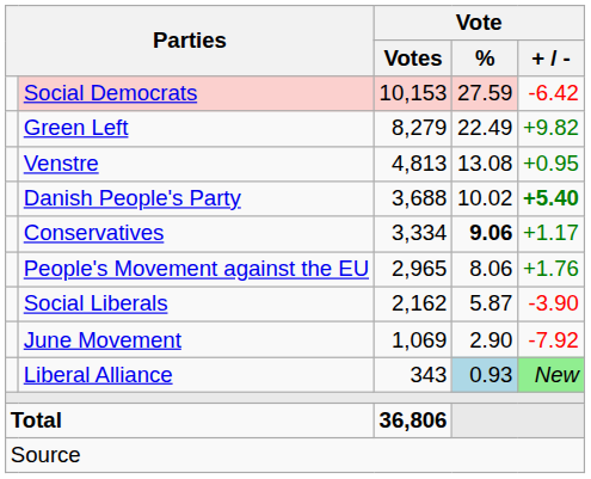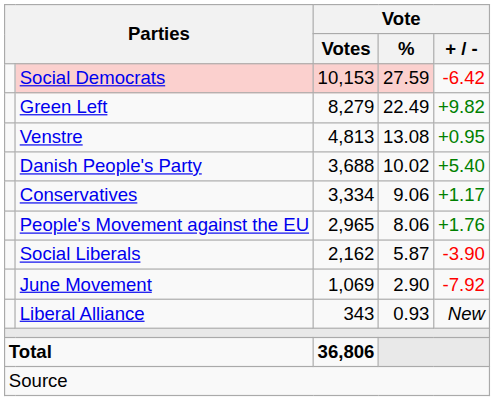 <table class="wikitable" style="text-align:right;">
 <tr>
 <th style="text-align:centre;" rowspan="2" colspan="2" width="225">Parties</th>
 <th colspan="3">Vote</th>
 </tr>
 <tr>
 <th width="15">Votes</th>
 <th width="15">%</th>
 <th width="15">+ / -</th>
 </tr>
 <tr>
 <td width="2" style="color:inherit;background:"></td>
 <td bgcolor=#fbd0ce   align="left"><a href='#'>Social Democrats</a></td>
 <td bgcolor=#fbd0ce>10,153</td>
 <td bgcolor=#fbd0ce>27.59</td>
 <td style=color:red;>-6.42</td>
 </tr>
 <tr>
 <td width="2" style="color:inherit;background:"></td>
 <td align="left"><a href='#'>Green Left</a></td>
 <td>8,279</td>
 <td>22.49</td>
 <td style=color:green;>+9.82</td>
 </tr>
 <tr>
 <td width="2" style="color:inherit;background:"></td>
 <td align="left"><a href='#'>Venstre</a></td>
 <td>4,813</td>
 <td>13.08</td>
 <td style=color:green;>+0.95</td>
 </tr>
 <tr>
 <td width="2" style="color:inherit;background:"></td>
 <td align="left"><a href='#'>Danish People's Party</a></td>
 <td>3,688</td>
 <td>10.02</td>
-<td style=color:green;><strong>+5.40</strong></td>
+<td style=color:green;>+5.40</td>
 </tr>
 <tr>
 <td width="2" style="color:inherit;background:"></td>
 <td align="left"><a href='#'>Conservatives</a></td>
 <td>3,334</td>
-<td><strong>9.06</strong></td>
+<td>9.06</td>
 <td style=color:green;>+1.17</td>
 </tr>
 <tr>
 <td width="2" style="color:inherit;background:"></td>
 <td align="left"><a href='#'>People's Movement against the EU</a></td>
 <td>2,965</td>
 <td>8.06</td>
 <td style=color:green;>+1.76</td>
 </tr>
 <tr>
 <td width="2" style="color:inherit;background:"></td>
 <td align="left"><a href='#'>Social Liberals</a></td>
 <td>2,162</td>
 <td>5.87</td>
 <td style=color:red;>-3.90</td>
 </tr>
 <tr>
 <td width="2" style="color:inherit;background:"></td>
 <td align="left"><a href='#'>June Movement</a></td>
 <td>1,069</td>
 <td>2.90</td>
 <td style=color:red;>-7.92</td>
 </tr>
 <tr>
 <td width="2" style="color:inherit;background:"></td>
 <td align="left"><a href='#'>Liberal Alliance</a></td>
 <td>343</td>
-<td style="background: lightblue;">0.93</td>
-<td style="background: lightgreen;"><em>New</em></td>
+<td>0.93</td>
+<td><em>New</em></td>
 </tr>
 <tr>
 <td colspan="7" bgcolor="#E9E9E9"></td>
 </tr>
 <tr>
 <td align="left" colspan="2"><strong>Total</strong></td>
 <td><strong>36,806</strong></td>
 <td bgcolor="#E9E9E9" colspan="2"></td>
 </tr>
 <tr>
 <td align="left" colspan="6">Source</td>
 </tr>
 </table>
